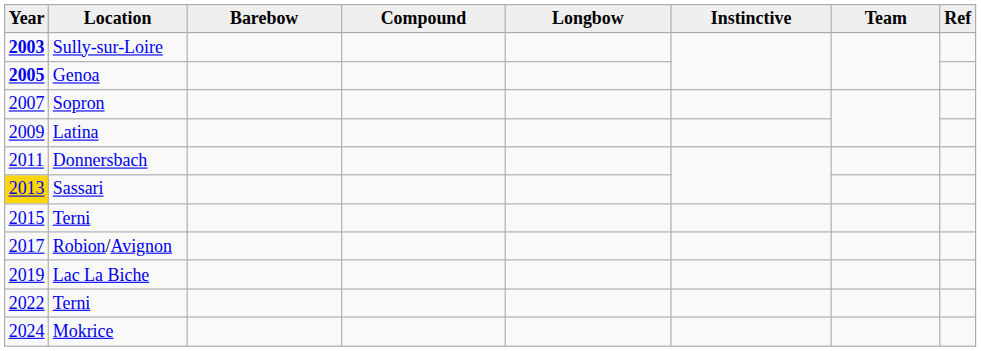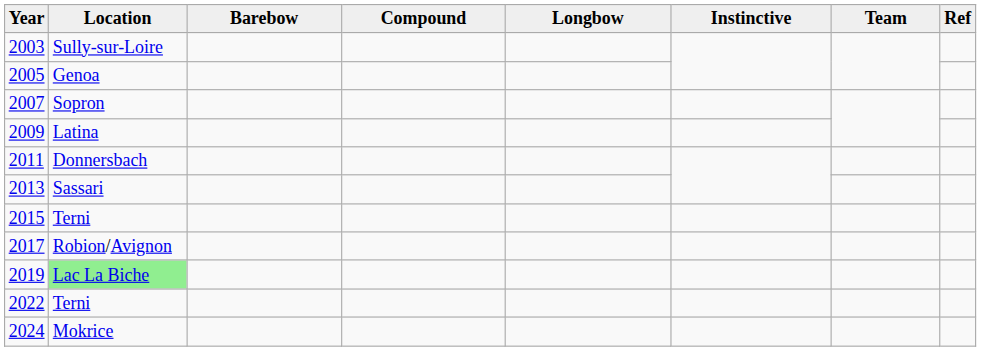 <table class="wikitable">
 <tr>
 <th scope="col" ! width="25" style="background: #efefef;">Year</th>
 <th scope="col" ! width="125" style="background: #efefef;">Location</th>
 <th scope="col" ! width="200" style="background: #efefef;">Barebow</th>
 <th scope="col" ! width="200" style="background: #efefef;">Compound</th>
 <th scope="col" ! width="215" style="background: #efefef;">Longbow</th>
 <th scope="col" ! width="200" style="background: #efefef;">Instinctive</th>
 <th scope="col" ! width="140" style="background: #efefef;">Team</th>
 <th scope="col" ! width="25" style="background: #efefef;">Ref</th>
 </tr>
 <tr>
-<td><strong><a href='#'>2003</a></strong></td>
+<td><a href='#'>2003</a></td>
 <td> <a href='#'>Sully-sur-Loire</a></td>
 <td></td>
 <td></td>
 <td></td>
 <td rowspan=2></td>
 <td rowspan=2></td>
 <td></td>
 </tr>
 <tr>
-<td><strong><a href='#'>2005</a></strong></td>
+<td><a href='#'>2005</a></td>
 <td> <a href='#'>Genoa</a></td>
 <td></td>
 <td></td>
 <td></td>
 <td></td>
 </tr>
 <tr>
 <td><a href='#'>2007</a></td>
 <td> <a href='#'>Sopron</a></td>
 <td></td>
 <td></td>
 <td></td>
 <td></td>
 <td rowspan=2></td>
 <td></td>
 </tr>
 <tr>
 <td><a href='#'>2009</a></td>
 <td> <a href='#'>Latina</a></td>
 <td></td>
 <td></td>
 <td></td>
 <td></td>
 <td></td>
 </tr>
 <tr>
 <td><a href='#'>2011</a></td>
 <td> <a href='#'>Donnersbach</a></td>
 <td></td>
 <td></td>
 <td></td>
 <td rowspan=2></td>
 <td></td>
 <td></td>
 </tr>
 <tr>
-<td style="background: gold;"><a href='#'>2013</a></td>
+<td><a href='#'>2013</a></td>
 <td> <a href='#'>Sassari</a></td>
 <td></td>
 <td></td>
 <td></td>
 <td></td>
 <td></td>
 </tr>
 <tr>
 <td><a href='#'>2015</a></td>
 <td> <a href='#'>Terni</a></td>
 <td></td>
 <td></td>
 <td></td>
 <td></td>
 <td></td>
 <td></td>
 </tr>
 <tr>
 <td><a href='#'>2017</a></td>
 <td> <a href='#'>Robion</a>/<a href='#'>Avignon</a></td>
 <td></td>
 <td></td>
 <td></td>
 <td></td>
 <td></td>
 <td></td>
 </tr>
 <tr>
 <td><a href='#'>2019</a></td>
-<td> <a href='#'>Lac La Biche</a></td>
+<td style="background: lightgreen;"> <a href='#'>Lac La Biche</a></td>
 <td></td>
 <td></td>
 <td></td>
 <td></td>
 <td></td>
 <td></td>
 </tr>
 <tr>
 <td><a href='#'>2022</a></td>
 <td> <a href='#'>Terni</a></td>
 <td></td>
 <td></td>
 <td></td>
 <td></td>
 <td></td>
 <td></td>
 </tr>
 <tr>
 <td><a href='#'>2024</a></td>
 <td> <a href='#'>Mokrice</a></td>
 <td></td>
 <td></td>
 <td></td>
 <td></td>
 <td></td>
 <td></td>
 </tr>
 </table>
